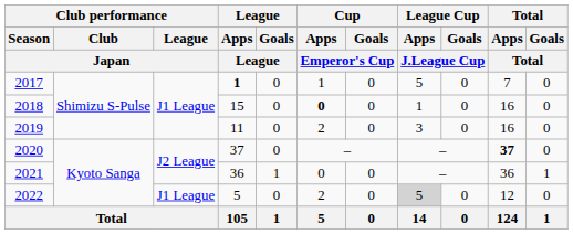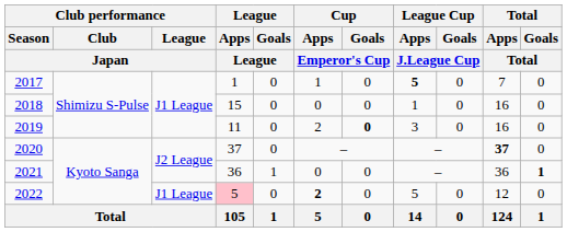 <table class="wikitable" style="text-align:center;">
 <tr>
 <th colspan=3>Club performance</th>
 <th colspan=2>League</th>
 <th colspan=2>Cup</th>
 <th colspan=2>League Cup</th>
 <th colspan=2>Total</th>
 </tr>
 <tr>
 <th>Season</th>
 <th>Club</th>
 <th>League</th>
 <th>Apps</th>
 <th>Goals</th>
 <th>Apps</th>
 <th>Goals</th>
 <th>Apps</th>
 <th>Goals</th>
 <th>Apps</th>
 <th>Goals</th>
 </tr>
 <tr>
 <th colspan=3>Japan</th>
 <th colspan=2>League</th>
 <th colspan=2><a href='#'>Emperor's Cup</a></th>
 <th colspan=2><a href='#'>J.League Cup</a></th>
 <th colspan=2>Total</th>
 </tr>
 <tr>
 <td><a href='#'>2017</a></td>
 <td rowspan="3"><a href='#'>Shimizu S-Pulse</a></td>
 <td rowspan="3"><a href='#'>J1 League</a></td>
-<td><strong>1</strong></td>
+<td>1</td>
 <td>0</td>
 <td>1</td>
 <td>0</td>
-<td>5</td>
+<td><strong>5</strong></td>
 <td>0</td>
 <td>7</td>
 <td>0</td>
 </tr>
 <tr>
 <td><a href='#'>2018</a></td>
 <td>15</td>
 <td>0</td>
-<td><strong>0</strong></td>
+<td>0</td>
 <td>0</td>
 <td>1</td>
 <td>0</td>
 <td>16</td>
 <td>0</td>
 </tr>
 <tr>
 <td><a href='#'>2019</a></td>
 <td>11</td>
 <td>0</td>
 <td>2</td>
-<td>0</td>
+<td><strong>0</strong></td>
 <td>3</td>
 <td>0</td>
 <td>16</td>
 <td>0</td>
 </tr>
 <tr>
 <td><a href='#'>2020</a></td>
 <td rowspan="3"><a href='#'>Kyoto Sanga</a></td>
 <td rowspan="2"><a href='#'>J2 League</a></td>
 <td>37</td>
 <td>0</td>
 <td colspan="2">–</td>
 <td colspan="2">–</td>
 <td><strong>37</strong></td>
 <td>0</td>
 </tr>
 <tr>
 <td><a href='#'>2021</a></td>
 <td>36</td>
 <td>1</td>
 <td>0</td>
 <td>0</td>
 <td colspan="2">–</td>
 <td>36</td>
-<td>1</td>
+<td><strong>1</strong></td>
 </tr>
 <tr>
 <td><a href='#'>2022</a></td>
 <td><a href='#'>J1 League</a></td>
+<td style="background: pink;">5</td>
+<td>0</td>
+<td><strong>2</strong></td>
+<td>0</td>
 <td>5</td>
-<td>0</td>
-<td>2</td>
-<td>0</td>
-<td style="background: lightgrey;">5</td>
 <td>0</td>
 <td>12</td>
 <td>0</td>
 </tr>
 <tr>
 <th colspan="3">Total</th>
 <th>105</th>
 <th>1</th>
 <th>5</th>
 <th>0</th>
 <th>14</th>
 <th>0</th>
 <th>124</th>
 <th>1</th>
 </tr>
 </table>
